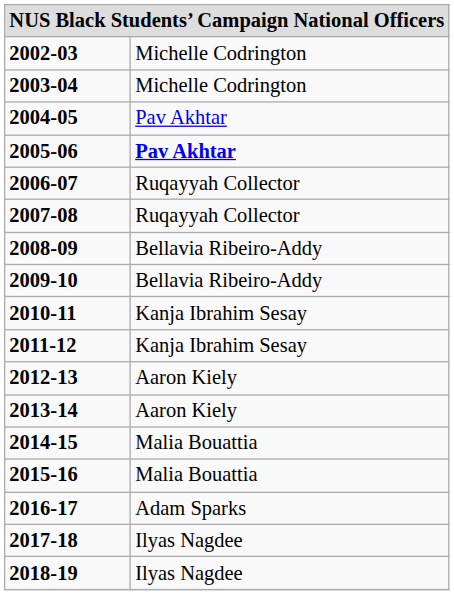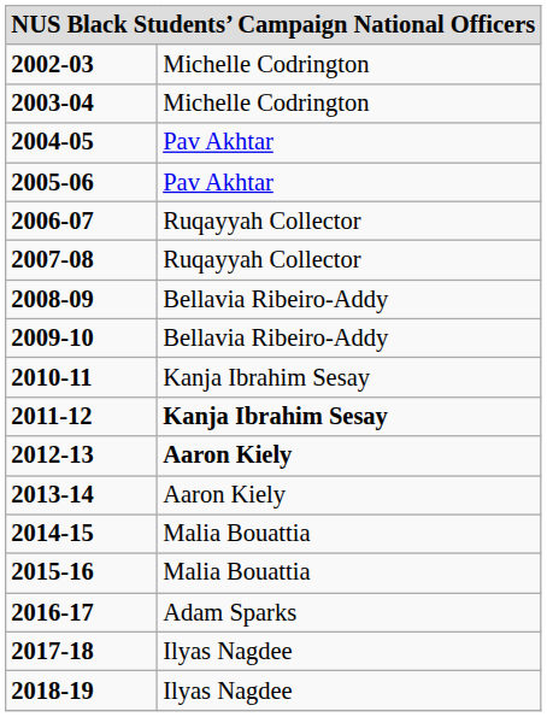 <table class="wikitable">
 <tr style="background:#ddd;">
 <td colspan="4" style="text-align:center;"><strong>NUS Black Students’ Campaign National Officers</strong></td>
 </tr>
 <tr>
 <td><strong>2002-03</strong></td>
 <td>Michelle Codrington</td>
 </tr>
 <tr>
 <td><strong>2003-04</strong></td>
 <td>Michelle Codrington</td>
 </tr>
 <tr>
 <td><strong>2004-05</strong></td>
 <td><a href='#'>Pav Akhtar</a></td>
 </tr>
 <tr>
 <td><strong>2005-06</strong></td>
-<td><strong><a href='#'>Pav Akhtar</a></strong></td>
+<td><a href='#'>Pav Akhtar</a></td>
 </tr>
 <tr>
 <td><strong>2006-07</strong></td>
 <td>Ruqayyah Collector</td>
 </tr>
 <tr>
 <td><strong>2007-08</strong></td>
 <td>Ruqayyah Collector</td>
 </tr>
 <tr>
 <td><strong>2008-09</strong></td>
 <td>Bellavia Ribeiro-Addy</td>
 </tr>
 <tr>
 <td><strong>2009-10</strong></td>
 <td>Bellavia Ribeiro-Addy</td>
 </tr>
 <tr>
 <td><strong>2010-11</strong></td>
 <td>Kanja Ibrahim Sesay</td>
 </tr>
 <tr>
 <td><strong>2011-12</strong></td>
-<td>Kanja Ibrahim Sesay</td>
+<td><strong>Kanja Ibrahim Sesay</strong></td>
 </tr>
 <tr>
 <td><strong>2012-13</strong></td>
-<td>Aaron Kiely</td>
+<td><strong>Aaron Kiely</strong></td>
 </tr>
 <tr>
 <td><strong>2013-14</strong></td>
 <td>Aaron Kiely</td>
 </tr>
 <tr>
 <td><strong>2014-15</strong></td>
 <td>Malia Bouattia</td>
 </tr>
 <tr>
 <td><strong>2015-16</strong></td>
 <td>Malia Bouattia</td>
 </tr>
 <tr>
 <td><strong>2016-17</strong></td>
 <td>Adam Sparks</td>
 </tr>
 <tr>
 <td><strong>2017-18</strong></td>
 <td>Ilyas Nagdee</td>
 </tr>
 <tr>
 <td><strong>2018-19</strong></td>
 <td>Ilyas Nagdee</td>
 </tr>
 <tr>
 </tr>
 </table>
